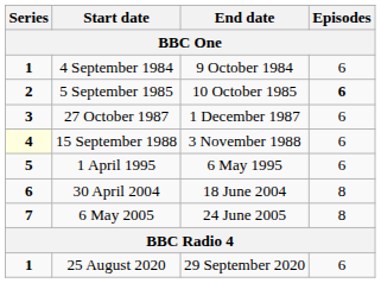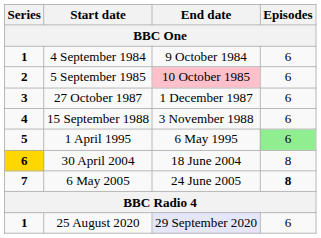 <table class="wikitable" style="text-align:center;">
 <tr>
 <th>Series</th>
 <th>Start date</th>
 <th>End date</th>
 <th>Episodes</th>
 </tr>
 <tr>
 <th colspan="4">BBC One</th>
 </tr>
 <tr>
 <td><strong>1</strong></td>
 <td>4 September 1984</td>
 <td>9 October 1984</td>
 <td>6</td>
 </tr>
 <tr>
 <td><strong>2</strong></td>
 <td>5 September 1985</td>
-<td>10 October 1985</td>
-<td><strong>6</strong></td>
+<td style="background: pink;">10 October 1985</td>
+<td>6</td>
 </tr>
 <tr>
 <td><strong>3</strong></td>
 <td>27 October 1987</td>
 <td>1 December 1987</td>
 <td>6</td>
 </tr>
 <tr>
-<td style="background: lightyellow;"><strong>4</strong></td>
+<td><strong>4</strong></td>
 <td>15 September 1988</td>
 <td>3 November 1988</td>
 <td>6</td>
 </tr>
 <tr>
 <td><strong>5</strong></td>
 <td>1 April 1995</td>
 <td>6 May 1995</td>
-<td>6</td>
+<td style="background: lightgreen;">6</td>
 </tr>
 <tr>
-<td><strong>6</strong></td>
+<td style="background: gold;"><strong>6</strong></td>
 <td>30 April 2004</td>
 <td>18 June 2004</td>
 <td>8</td>
 </tr>
 <tr>
 <td><strong>7</strong></td>
 <td>6 May 2005</td>
 <td>24 June 2005</td>
-<td>8</td>
+<td><strong>8</strong></td>
 </tr>
 <tr>
 <th colspan="4">BBC Radio 4</th>
 </tr>
 <tr>
 <td><strong>1</strong></td>
 <td>25 August 2020</td>
-<td>29 September 2020</td>
+<td style="background: lavender;">29 September 2020</td>
 <td>6</td>
 </tr>
 </table>
